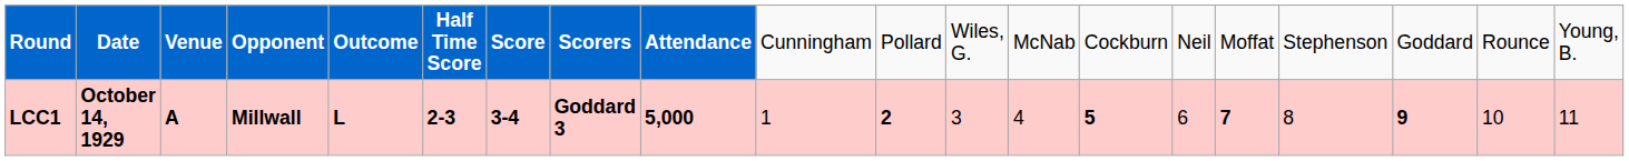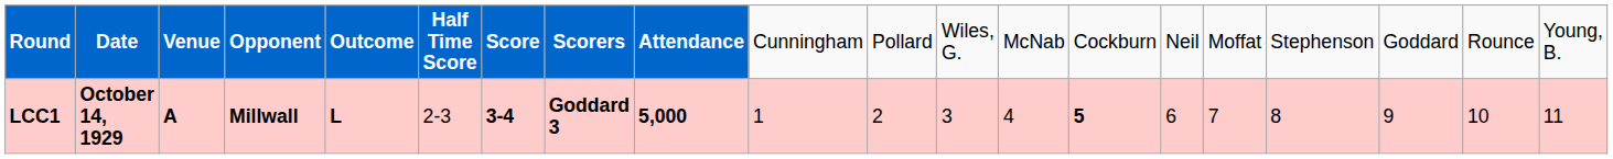 <table class="wikitable">
 <tr>
 <td style="background:#0066CC; color:#FFFFFF; text-align:center;"><strong>Round</strong></td>
 <td style="background:#0066CC; color:#FFFFFF; text-align:center;"><strong>Date</strong></td>
 <td style="background:#0066CC; color:#FFFFFF; text-align:center;"><strong>Venue</strong></td>
 <td style="background:#0066CC; color:#FFFFFF; text-align:center;"><strong>Opponent</strong></td>
 <td style="background:#0066CC; color:#FFFFFF; text-align:center;"><strong>Outcome</strong></td>
 <td style="background:#0066CC; color:#FFFFFF; text-align:center;"><strong>Half Time Score</strong></td>
 <td style="background:#0066CC; color:#FFFFFF; text-align:center;"><strong>Score</strong></td>
 <td style="background:#0066CC; color:#FFFFFF; text-align:center;"><strong>Scorers</strong></td>
 <td style="background:#0066CC; color:#FFFFFF; text-align:center;"><strong>Attendance</strong></td>
 <td>Cunningham</td>
 <td>Pollard</td>
 <td>Wiles, G.</td>
 <td>McNab</td>
 <td>Cockburn</td>
 <td>Neil</td>
 <td>Moffat</td>
 <td>Stephenson</td>
 <td>Goddard</td>
 <td>Rounce</td>
 <td>Young, B.</td>
 </tr>
 <tr bgcolor="#FFCCCC">
 <td><strong>LCC1</strong></td>
 <td><strong>October 14, 1929</strong></td>
 <td><strong>A</strong></td>
 <td><strong>Millwall</strong></td>
 <td><strong>L</strong></td>
-<td><strong>2-3</strong></td>
+<td>2-3</td>
 <td><strong>3-4</strong></td>
 <td><strong>Goddard 3</strong></td>
 <td><strong>5,000</strong></td>
 <td>1</td>
-<td><strong>2</strong></td>
+<td>2</td>
 <td>3</td>
 <td>4</td>
 <td><strong>5</strong></td>
 <td>6</td>
-<td><strong>7</strong></td>
+<td>7</td>
 <td>8</td>
-<td><strong>9</strong></td>
+<td>9</td>
 <td>10</td>
 <td>11</td>
 </tr>
 </table>
